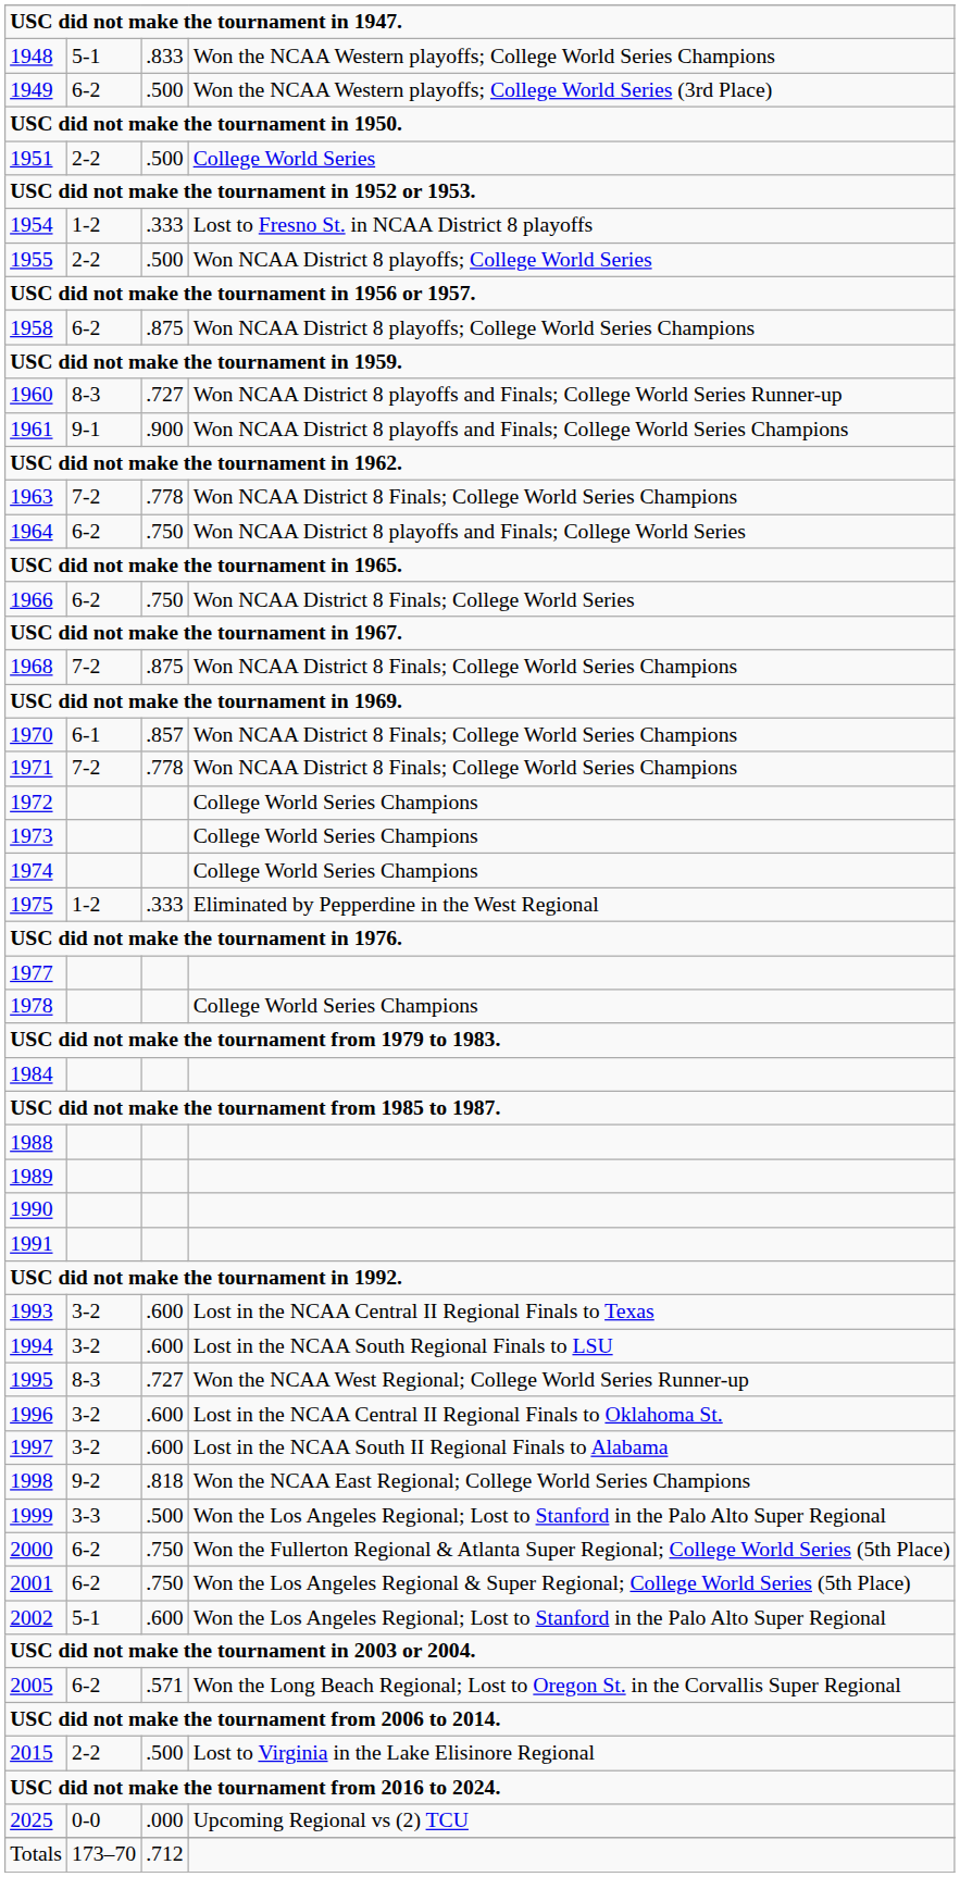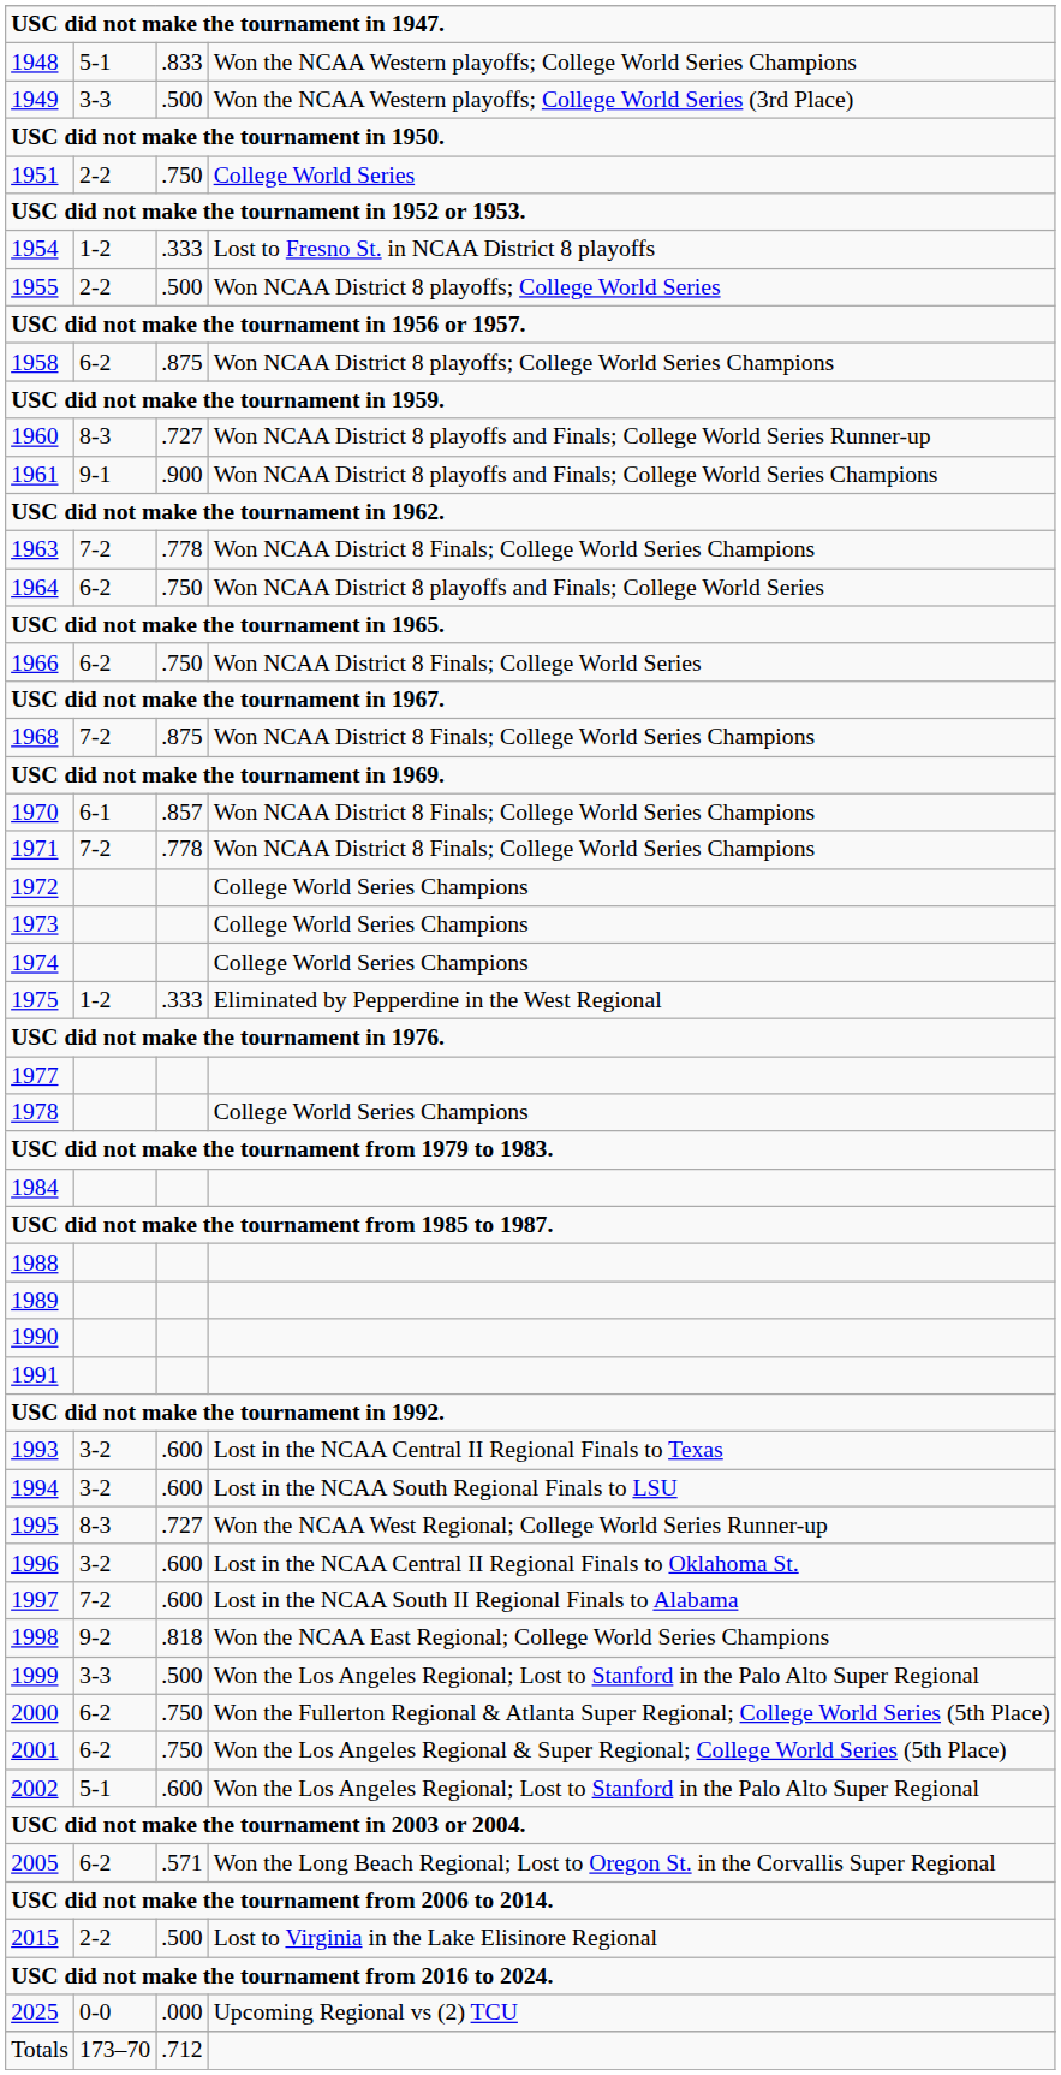 <table class="wikitable sortable">
 <tr>
 </tr>
 <tr>
 <td colspan=4><strong>USC did not make the tournament in 1947.</strong></td>
 </tr>
 <tr>
 <td><a href='#'>1948</a></td>
 <td>5-1</td>
 <td>.833</td>
 <td>Won the NCAA Western playoffs; College World Series Champions</td>
 </tr>
 <tr>
 <td><a href='#'>1949</a></td>
-<td>6-2</td>
+<td>3-3</td>
 <td>.500</td>
 <td>Won the NCAA Western playoffs; <a href='#'>College World Series</a> (3rd Place)</td>
 </tr>
 <tr>
 <td colspan=4><strong>USC did not make the tournament in 1950.</strong></td>
 </tr>
 <tr>
 <td><a href='#'>1951</a></td>
 <td>2-2</td>
-<td>.500</td>
+<td>.750</td>
 <td><a href='#'>College World Series</a></td>
 </tr>
 <tr>
 <td colspan=4><strong>USC did not make the tournament in 1952 or 1953.</strong></td>
 </tr>
 <tr>
 <td><a href='#'>1954</a></td>
 <td>1-2</td>
 <td>.333</td>
 <td>Lost to <a href='#'>Fresno St.</a> in NCAA District 8 playoffs</td>
 </tr>
 <tr>
 <td><a href='#'>1955</a></td>
 <td>2-2</td>
 <td>.500</td>
 <td>Won NCAA District 8 playoffs; <a href='#'>College World Series</a></td>
 </tr>
 <tr>
 <td colspan=4><strong>USC did not make the tournament in 1956 or 1957.</strong></td>
 </tr>
 <tr>
 <td><a href='#'>1958</a></td>
 <td>6-2</td>
 <td>.875</td>
 <td>Won NCAA District 8 playoffs; College World Series Champions</td>
 </tr>
 <tr>
 <td colspan=4><strong>USC did not make the tournament in 1959.</strong></td>
 </tr>
 <tr>
 <td><a href='#'>1960</a></td>
 <td>8-3</td>
 <td>.727</td>
 <td>Won NCAA District 8 playoffs and Finals; College World Series Runner-up</td>
 </tr>
 <tr>
 <td><a href='#'>1961</a></td>
 <td>9-1</td>
 <td>.900</td>
 <td>Won NCAA District 8 playoffs and Finals; College World Series Champions</td>
 </tr>
 <tr>
 <td colspan=4><strong>USC did not make the tournament in 1962.</strong></td>
 </tr>
 <tr>
 <td><a href='#'>1963</a></td>
 <td>7-2</td>
 <td>.778</td>
 <td>Won NCAA District 8 Finals; College World Series Champions</td>
 </tr>
 <tr>
 <td><a href='#'>1964</a></td>
 <td>6-2</td>
 <td>.750</td>
 <td>Won NCAA District 8 playoffs and Finals; College World Series</td>
 </tr>
 <tr>
 <td colspan=4><strong>USC did not make the tournament in 1965.</strong></td>
 </tr>
 <tr>
 <td><a href='#'>1966</a></td>
 <td>6-2</td>
 <td>.750</td>
 <td>Won NCAA District 8 Finals; College World Series</td>
 </tr>
 <tr>
 <td colspan=4><strong>USC did not make the tournament in 1967.</strong></td>
 </tr>
 <tr>
 <td><a href='#'>1968</a></td>
 <td>7-2</td>
 <td>.875</td>
 <td>Won NCAA District 8 Finals; College World Series Champions</td>
 </tr>
 <tr>
 <td colspan=4><strong>USC did not make the tournament in 1969.</strong></td>
 </tr>
 <tr>
 <td><a href='#'>1970</a></td>
 <td>6-1</td>
 <td>.857</td>
 <td>Won NCAA District 8 Finals; College World Series Champions</td>
 </tr>
 <tr>
 <td><a href='#'>1971</a></td>
 <td>7-2</td>
 <td>.778</td>
 <td>Won NCAA District 8 Finals; College World Series Champions</td>
 </tr>
 <tr>
 <td><a href='#'>1972</a></td>
 <td></td>
 <td></td>
 <td>College World Series Champions</td>
 </tr>
 <tr>
 <td><a href='#'>1973</a></td>
 <td></td>
 <td></td>
 <td>College World Series Champions</td>
 </tr>
 <tr>
 <td><a href='#'>1974</a></td>
 <td></td>
 <td></td>
 <td>College World Series Champions</td>
 </tr>
 <tr>
 <td><a href='#'>1975</a></td>
 <td>1-2</td>
 <td>.333</td>
 <td>Eliminated by Pepperdine in the West Regional</td>
 </tr>
 <tr>
 <td colspan=4><strong>USC did not make the tournament in 1976.</strong></td>
 </tr>
 <tr>
 <td><a href='#'>1977</a></td>
 <td></td>
 <td></td>
 <td></td>
 </tr>
 <tr>
 <td><a href='#'>1978</a></td>
 <td></td>
 <td></td>
 <td>College World Series Champions</td>
 </tr>
 <tr>
 <td colspan=4><strong>USC did not make the tournament from 1979 to 1983.</strong></td>
 </tr>
 <tr>
 <td><a href='#'>1984</a></td>
 <td></td>
 <td></td>
 <td></td>
 </tr>
 <tr>
 <td colspan=4><strong>USC did not make the tournament from 1985 to 1987.</strong></td>
 </tr>
 <tr>
 <td><a href='#'>1988</a></td>
 <td></td>
 <td></td>
 <td></td>
 </tr>
 <tr>
 <td><a href='#'>1989</a></td>
 <td></td>
 <td></td>
 <td></td>
 </tr>
 <tr>
 <td><a href='#'>1990</a></td>
 <td></td>
 <td></td>
 <td></td>
 </tr>
 <tr>
 <td><a href='#'>1991</a></td>
 <td></td>
 <td></td>
 <td></td>
 </tr>
 <tr>
 <td colspan=4><strong>USC did not make the tournament in 1992.</strong></td>
 </tr>
 <tr>
 <td><a href='#'>1993</a></td>
 <td>3-2</td>
 <td>.600</td>
 <td>Lost in the NCAA Central II Regional Finals to <a href='#'>Texas</a></td>
 </tr>
 <tr>
 <td><a href='#'>1994</a></td>
 <td>3-2</td>
 <td>.600</td>
 <td>Lost in the NCAA South Regional Finals to <a href='#'>LSU</a></td>
 </tr>
 <tr>
 <td><a href='#'>1995</a></td>
 <td>8-3</td>
 <td>.727</td>
 <td>Won the NCAA West Regional; College World Series Runner-up</td>
 </tr>
 <tr>
 <td><a href='#'>1996</a></td>
 <td>3-2</td>
 <td>.600</td>
 <td>Lost in the NCAA Central II Regional Finals to <a href='#'>Oklahoma St.</a></td>
 </tr>
 <tr>
 <td><a href='#'>1997</a></td>
-<td>3-2</td>
+<td>7-2</td>
 <td>.600</td>
 <td>Lost in the NCAA South II Regional Finals to <a href='#'>Alabama</a></td>
 </tr>
 <tr>
 <td><a href='#'>1998</a></td>
 <td>9-2</td>
 <td>.818</td>
 <td>Won the NCAA East Regional; College World Series Champions</td>
 </tr>
 <tr>
 <td><a href='#'>1999</a></td>
 <td>3-3</td>
 <td>.500</td>
 <td>Won the Los Angeles Regional; Lost to <a href='#'>Stanford</a> in the Palo Alto Super Regional</td>
 </tr>
 <tr>
 <td><a href='#'>2000</a></td>
 <td>6-2</td>
 <td>.750</td>
 <td>Won the Fullerton Regional & Atlanta Super Regional; <a href='#'>College World Series</a> (5th Place)</td>
 </tr>
 <tr>
 <td><a href='#'>2001</a></td>
 <td>6-2</td>
 <td>.750</td>
 <td>Won the Los Angeles Regional & Super Regional; <a href='#'>College World Series</a> (5th Place)</td>
 </tr>
 <tr>
 <td><a href='#'>2002</a></td>
 <td>5-1</td>
 <td>.600</td>
 <td>Won the Los Angeles Regional; Lost to <a href='#'>Stanford</a> in the Palo Alto Super Regional</td>
 </tr>
 <tr>
 <td colspan=4><strong>USC did not make the tournament in 2003 or 2004.</strong></td>
 </tr>
 <tr>
 <td><a href='#'>2005</a></td>
 <td>6-2</td>
 <td>.571</td>
 <td>Won the Long Beach Regional; Lost to <a href='#'>Oregon St.</a> in the Corvallis Super Regional</td>
 </tr>
 <tr>
 <td colspan=4><strong>USC did not make the tournament from 2006 to 2014.</strong></td>
 </tr>
 <tr>
 <td><a href='#'>2015</a></td>
 <td>2-2</td>
 <td>.500</td>
 <td>Lost to <a href='#'>Virginia</a> in the Lake Elisinore Regional</td>
 </tr>
 <tr>
 <td colspan=4><strong>USC did not make the tournament from 2016 to 2024.</strong></td>
 </tr>
 <tr>
 <td><a href='#'>2025</a></td>
 <td>0-0</td>
 <td>.000</td>
 <td>Upcoming Regional vs (2) <a href='#'>TCU</a></td>
 </tr>
 <tr>
 </tr>
 <tr class="sortbottom" style="background:#">
 <td>Totals</td>
 <td>173–70</td>
 <td>.712</td>
 <td></td>
 </tr>
 </table>
